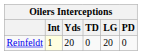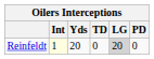 <table class="wikitable">
 <tr>
 <th colspan="6">Oilers Interceptions</th>
 </tr>
 <tr>
 <th></th>
 <th>Int</th>
 <th>Yds</th>
 <th>TD</th>
 <th>LG</th>
 <th>PD</th>
 </tr>
 <tr>
 <td><a href='#'>Reinfeldt</a></td>
 <td style="background: lightyellow;">1</td>
 <td>20</td>
 <td>0</td>
-<td>20</td>
+<td style="background: lightgrey;">20</td>
 <td>0</td>
 </tr>
 </table>
